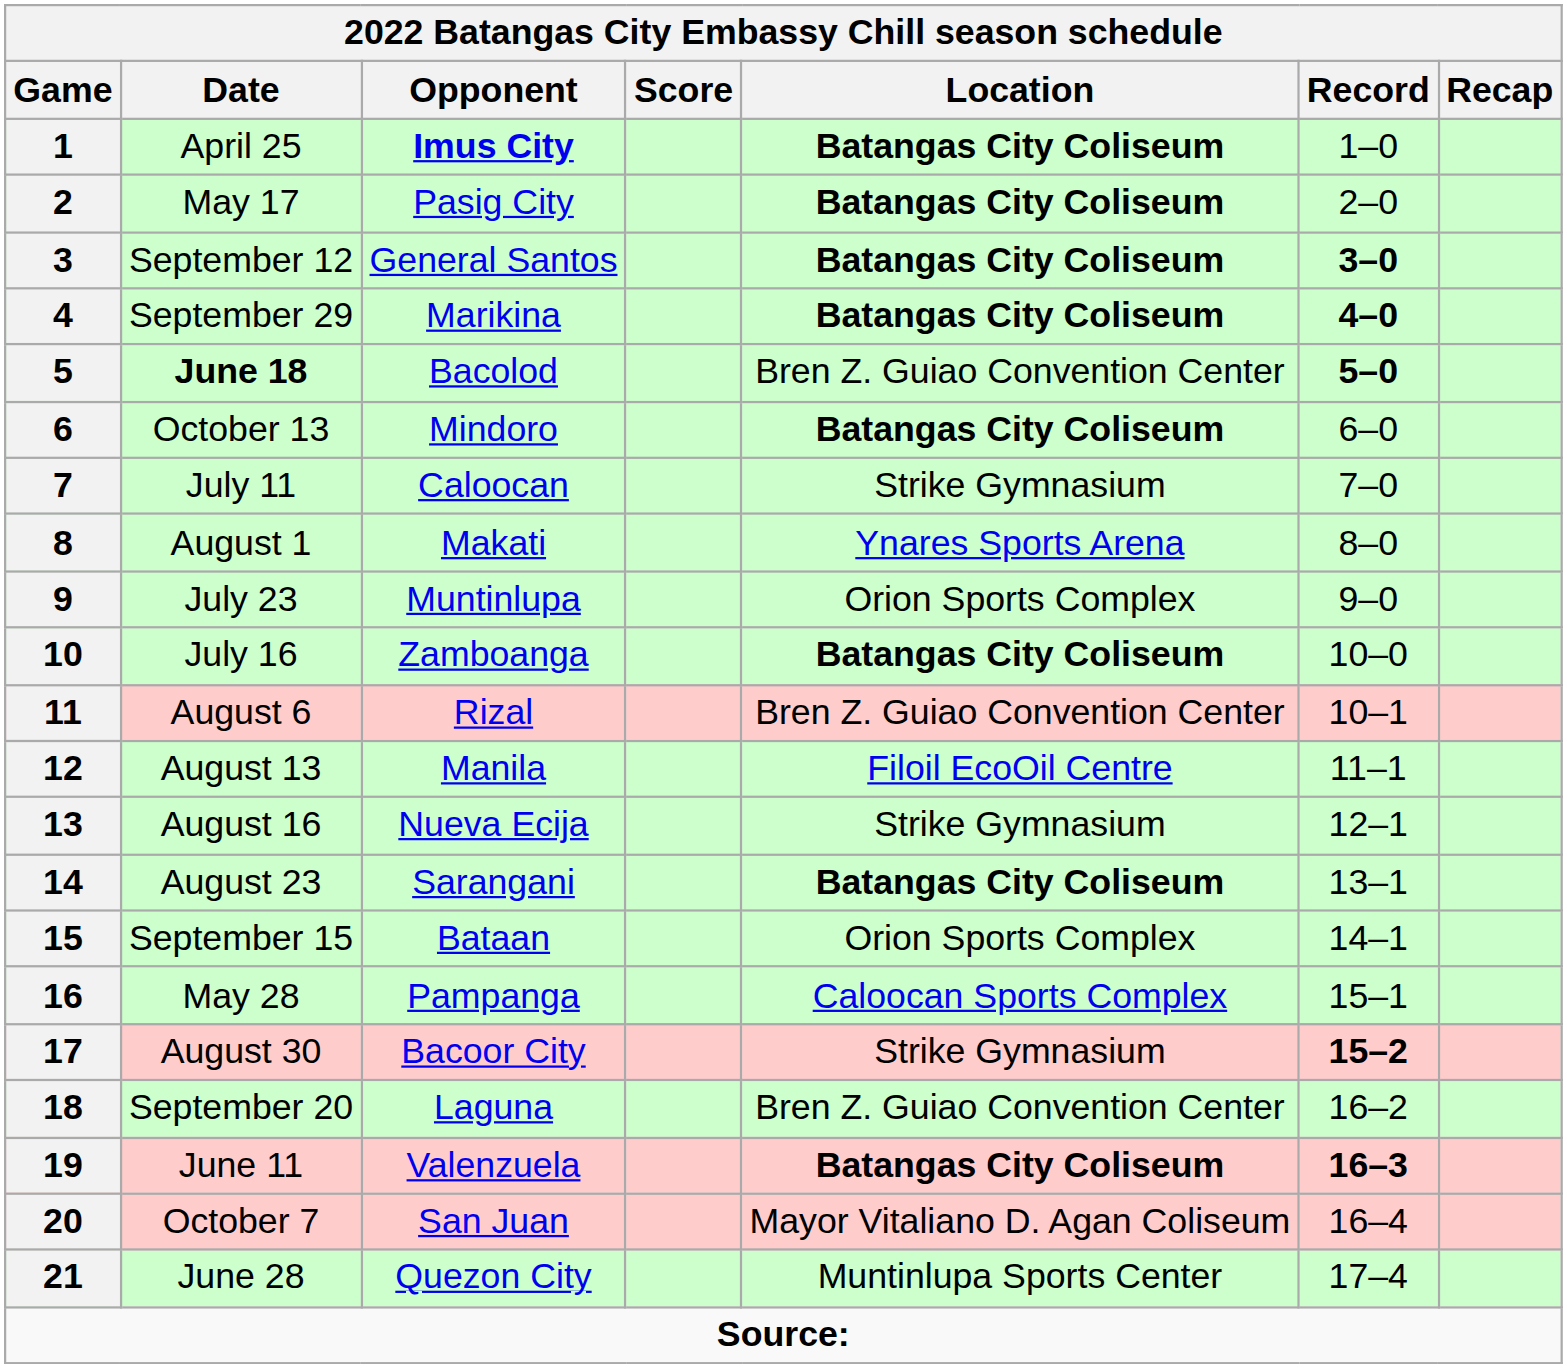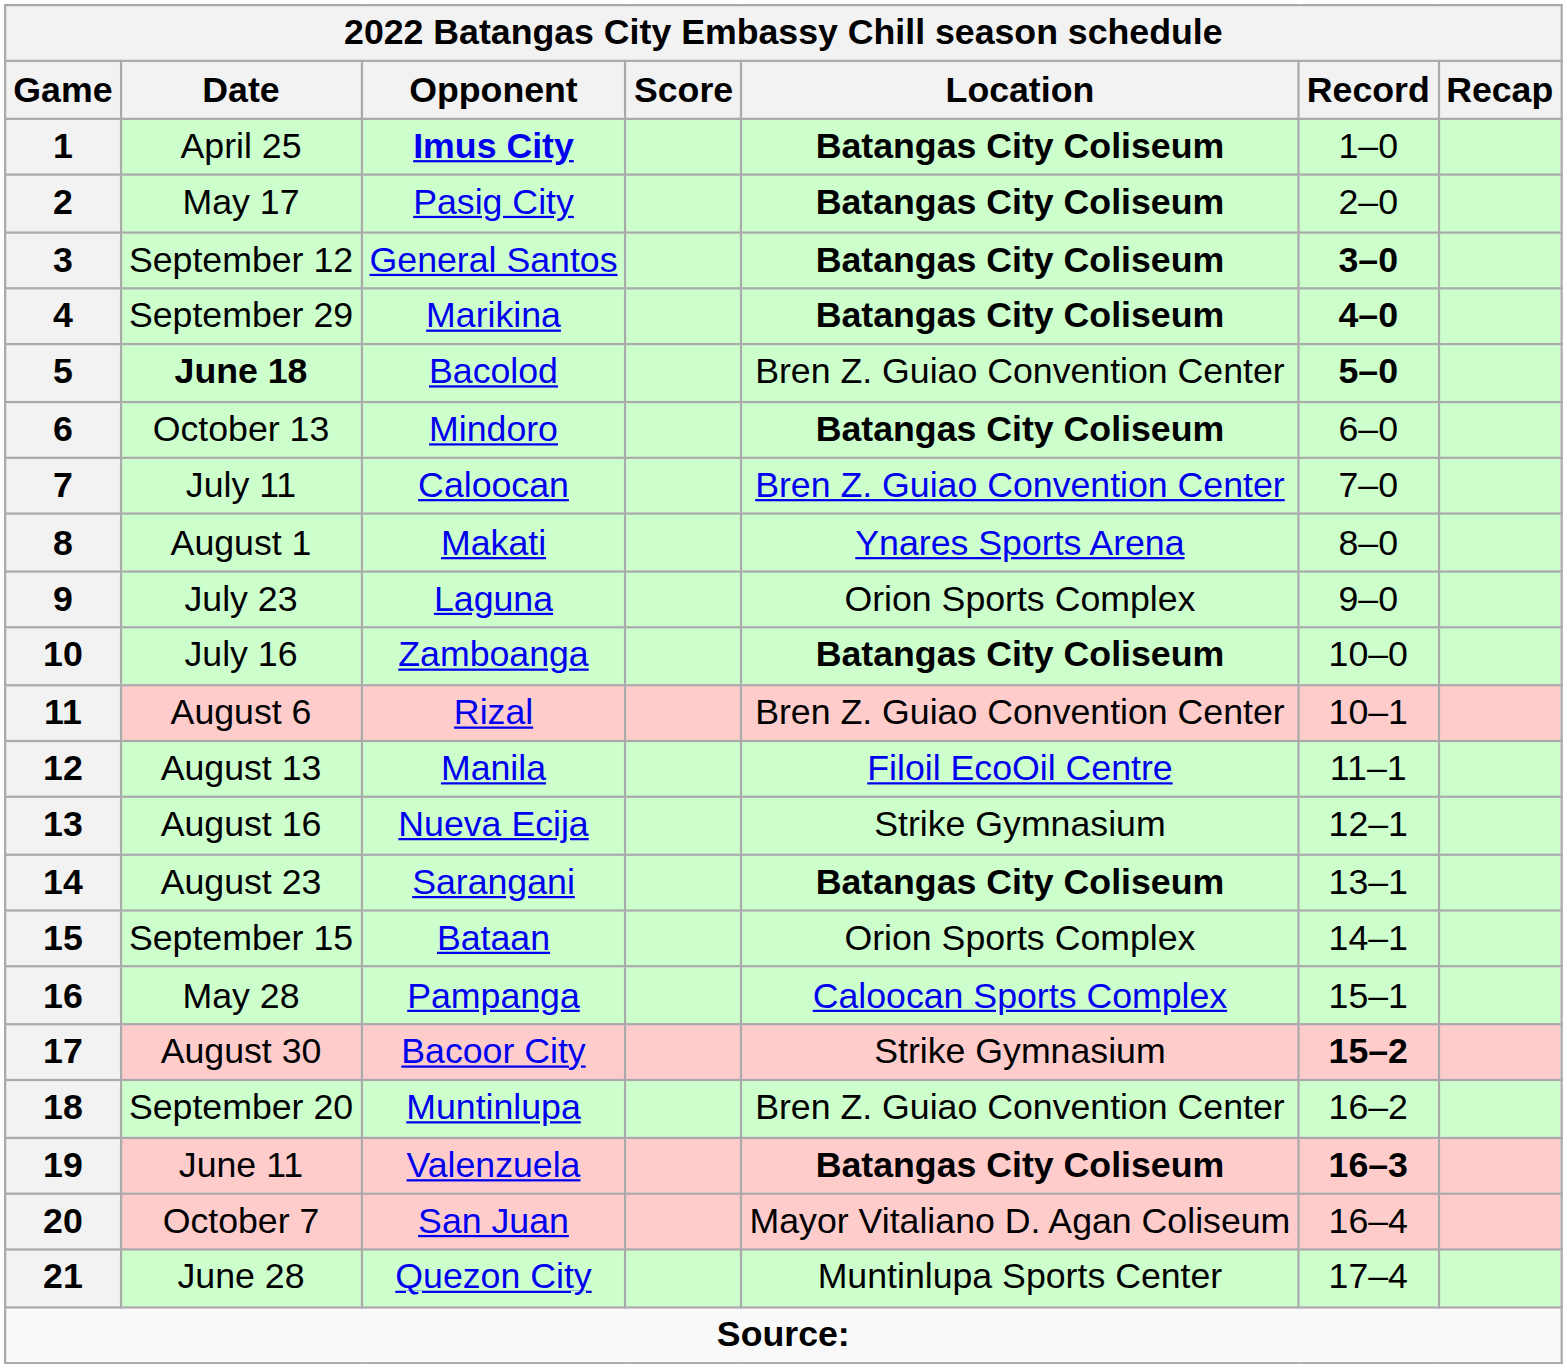 <table class="wikitable" style="text-align:center">
 <tr>
 <th colspan=7>2022 Batangas City Embassy Chill season schedule</th>
 </tr>
 <tr>
 <th>Game</th>
 <th>Date</th>
 <th>Opponent</th>
 <th>Score</th>
 <th>Location</th>
 <th>Record</th>
 <th>Recap<br></th>
 </tr>
 <tr style="background:#cfc">
 <th>1</th>
 <td>April 25</td>
 <td><strong><a href='#'>Imus City</a></strong></td>
 <td></td>
 <td><strong>Batangas City Coliseum</strong></td>
 <td>1–0</td>
 <td></td>
 </tr>
 <tr style="background:#cfc">
 <th>2</th>
 <td>May 17</td>
 <td><a href='#'>Pasig City</a></td>
 <td></td>
 <td><strong>Batangas City Coliseum</strong></td>
 <td>2–0</td>
 <td></td>
 </tr>
 <tr style="background:#cfc">
 <th>3</th>
 <td>September 12</td>
 <td><a href='#'>General Santos</a></td>
 <td></td>
 <td><strong>Batangas City Coliseum</strong></td>
 <td><strong>3–0</strong></td>
 <td></td>
 </tr>
 <tr style="background:#cfc">
 <th>4</th>
 <td>September 29</td>
 <td><a href='#'>Marikina</a></td>
 <td></td>
 <td><strong>Batangas City Coliseum</strong></td>
 <td><strong>4–0</strong></td>
 <td></td>
 </tr>
 <tr style="background:#cfc">
 <th>5</th>
 <td><strong>June 18</strong></td>
 <td><a href='#'>Bacolod</a></td>
 <td></td>
 <td>Bren Z. Guiao Convention Center</td>
 <td><strong>5–0</strong></td>
 <td></td>
 </tr>
 <tr style="background:#cfc">
 <th>6</th>
 <td>October 13</td>
 <td><a href='#'>Mindoro</a></td>
 <td></td>
 <td><strong>Batangas City Coliseum</strong></td>
 <td>6–0</td>
 <td></td>
 </tr>
 <tr style="background:#cfc">
 <th>7</th>
 <td>July 11</td>
 <td><a href='#'>Caloocan</a></td>
 <td></td>
-<td>Strike Gymnasium</td>
+<td><a href='#'>Bren Z. Guiao Convention Center</a></td>
 <td>7–0</td>
 <td><br></td>
 </tr>
 <tr style="background:#cfc">
 <th>8</th>
 <td>August 1</td>
 <td><a href='#'>Makati</a></td>
 <td></td>
 <td><a href='#'>Ynares Sports Arena</a></td>
 <td>8–0</td>
 <td></td>
 </tr>
 <tr style="background:#cfc">
 <th>9</th>
 <td>July 23</td>
-<td><a href='#'>Muntinlupa</a></td>
+<td><a href='#'>Laguna</a></td>
 <td></td>
 <td>Orion Sports Complex</td>
 <td>9–0</td>
 <td></td>
 </tr>
 <tr style="background:#cfc">
 <th>10</th>
 <td>July 16</td>
 <td><a href='#'>Zamboanga</a></td>
 <td></td>
 <td><strong>Batangas City Coliseum</strong></td>
 <td>10–0</td>
 <td></td>
 </tr>
 <tr style="background:#fcc">
 <th>11</th>
 <td>August 6</td>
 <td><a href='#'>Rizal</a></td>
 <td></td>
 <td>Bren Z. Guiao Convention Center</td>
 <td>10–1</td>
 <td></td>
 </tr>
 <tr style="background:#cfc">
 <th>12</th>
 <td>August 13</td>
 <td><a href='#'>Manila</a></td>
 <td></td>
 <td><a href='#'>Filoil EcoOil Centre</a></td>
 <td>11–1</td>
 <td></td>
 </tr>
 <tr style="background:#cfc">
 <th>13</th>
 <td>August 16</td>
 <td><a href='#'>Nueva Ecija</a></td>
 <td></td>
 <td>Strike Gymnasium</td>
 <td>12–1</td>
 <td></td>
 </tr>
 <tr style="background:#cfc">
 <th>14</th>
 <td>August 23</td>
 <td><a href='#'>Sarangani</a></td>
 <td></td>
 <td><strong>Batangas City Coliseum</strong></td>
 <td>13–1</td>
 <td><br></td>
 </tr>
 <tr style="background:#cfc">
 <th>15</th>
 <td>September 15</td>
 <td><a href='#'>Bataan</a></td>
 <td></td>
 <td>Orion Sports Complex</td>
 <td>14–1</td>
 <td></td>
 </tr>
 <tr style="background:#cfc">
 <th>16</th>
 <td>May 28</td>
 <td><a href='#'>Pampanga</a></td>
 <td></td>
 <td><a href='#'>Caloocan Sports Complex</a></td>
 <td>15–1</td>
 <td></td>
 </tr>
 <tr style="background:#fcc">
 <th>17</th>
 <td>August 30</td>
 <td><a href='#'>Bacoor City</a></td>
 <td></td>
 <td>Strike Gymnasium</td>
 <td><strong>15–2</strong></td>
 <td></td>
 </tr>
 <tr style="background:#cfc">
 <th>18</th>
 <td>September 20</td>
-<td><a href='#'>Laguna</a></td>
+<td><a href='#'>Muntinlupa</a></td>
 <td></td>
 <td>Bren Z. Guiao Convention Center</td>
 <td>16–2</td>
 <td></td>
 </tr>
 <tr style="background:#fcc">
 <th>19</th>
 <td>June 11</td>
 <td><a href='#'>Valenzuela</a></td>
 <td></td>
 <td><strong>Batangas City Coliseum</strong></td>
 <td><strong>16–3</strong></td>
 <td></td>
 </tr>
 <tr style="background:#fcc">
 <th>20</th>
 <td>October 7</td>
 <td><a href='#'>San Juan</a></td>
 <td></td>
 <td>Mayor Vitaliano D. Agan Coliseum</td>
 <td>16–4</td>
 <td></td>
 </tr>
 <tr style="background:#cfc">
 <th>21</th>
 <td>June 28</td>
 <td><a href='#'>Quezon City</a></td>
 <td></td>
 <td>Muntinlupa Sports Center</td>
 <td>17–4</td>
 <td></td>
 </tr>
 <tr>
 <td colspan=7 align=center><strong>Source: </strong></td>
 </tr>
 </table>
